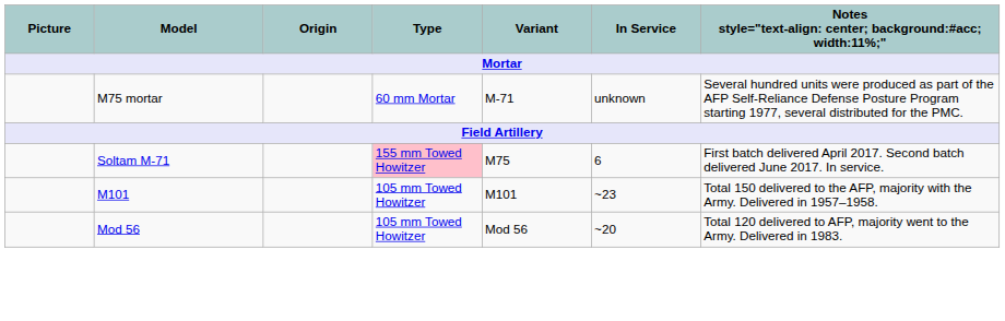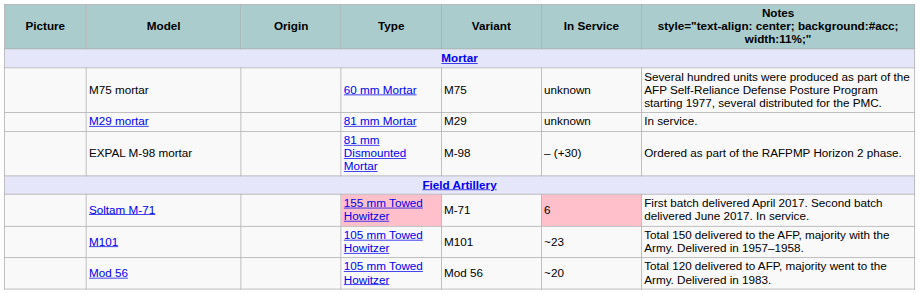 <table class="wikitable">
 <tr>
 <th style="text-align: center; background:#acc; width:9%;">Picture</th>
 <th style="text-align: center; background:#acc; width:17%;">Model</th>
 <th style="text-align: center; background:#acc; width:11%;">Origin</th>
 <th style="text-align: center; background:#acc; width:11%;">Type</th>
 <th style="text-align: center; background:#acc; width:11%;">Variant</th>
 <th style="text-align: center; background:#acc; width:11%;">In Service</th>
 <th style="text-align: center; background:#acc; width:30%;">Notes<br>style="text-align: center; background:#acc; width:11%;"</th>
 </tr>
 <tr>
 <td style="text-align: center; background: Lavender;" colspan="7"><strong><a href='#'>Mortar</a></strong></td>
 </tr>
 <tr>
 <td></td>
 <td>M75 mortar</td>
 <td></td>
 <td><a href='#'>60 mm Mortar</a></td>
-<td>M-71</td>
+<td>M75</td>
 <td>unknown</td>
 <td>Several hundred units were produced as part of the AFP Self-Reliance Defense Posture Program starting 1977, several distributed for the PMC.</td>
+</tr>
+<tr>
+<td></td>
+<td><a href='#'>M29 mortar</a></td>
+<td></td>
+<td><a href='#'>81 mm Mortar</a></td>
+<td>M29</td>
+<td>unknown</td>
+<td>In service.</td>
+</tr>
+<tr>
+<td></td>
+<td>EXPAL M-98 mortar</td>
+<td></td>
+<td><a href='#'>81 mm Dismounted Mortar</a></td>
+<td>M-98</td>
+<td>– (+30)</td>
+<td>Ordered as part of the RAFPMP Horizon 2 phase.</td>
 </tr>
 <tr>
 <td style="text-align: center; background: Lavender;" colspan="7"><strong><a href='#'>Field Artillery</a></strong></td>
 </tr>
 <tr>
 <td></td>
 <td><a href='#'>Soltam M-71</a></td>
 <td></td>
 <td style="background: pink;"><a href='#'>155 mm Towed Howitzer</a></td>
-<td>M75</td>
-<td>6</td>
+<td>M-71</td>
+<td style="background: pink;">6</td>
 <td>First batch delivered April 2017. Second batch delivered June 2017. In service.</td>
 </tr>
 <tr>
 <td></td>
 <td><a href='#'>M101</a></td>
 <td></td>
 <td><a href='#'>105 mm Towed Howitzer</a></td>
 <td>M101</td>
 <td>~23</td>
 <td>Total 150 delivered to the AFP, majority with the Army. Delivered in 1957–1958.</td>
 </tr>
 <tr>
 <td></td>
 <td><a href='#'>Mod 56</a></td>
 <td></td>
 <td><a href='#'>105 mm Towed Howitzer</a></td>
 <td>Mod 56</td>
 <td>~20</td>
 <td>Total 120 delivered to AFP, majority went to the Army. Delivered in 1983.</td>
 </tr>
 </table>
